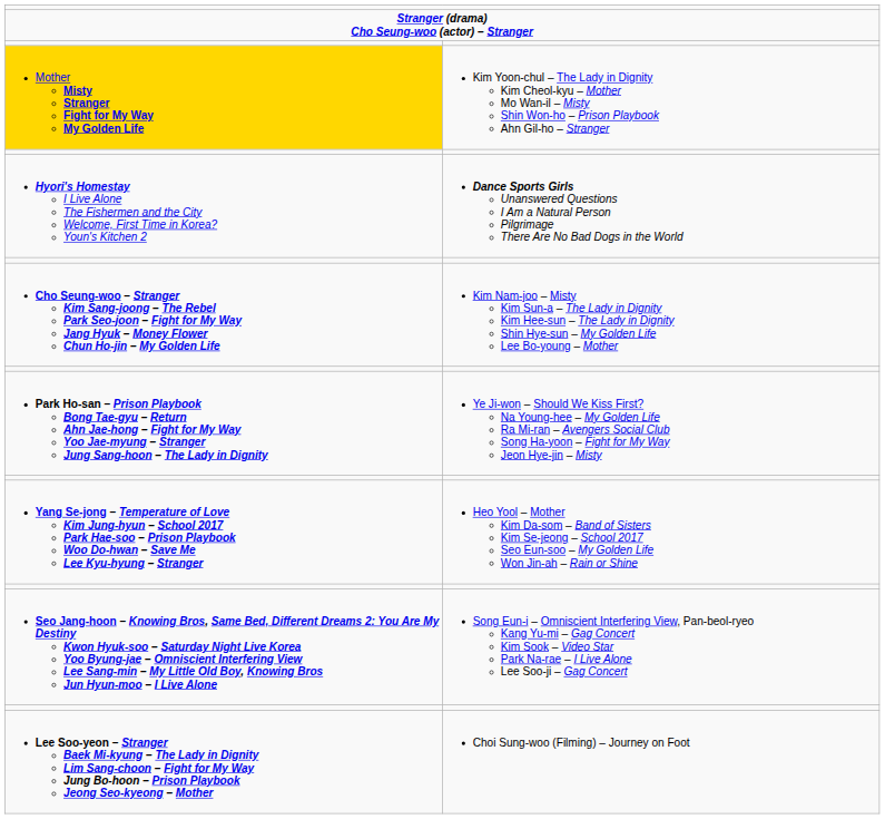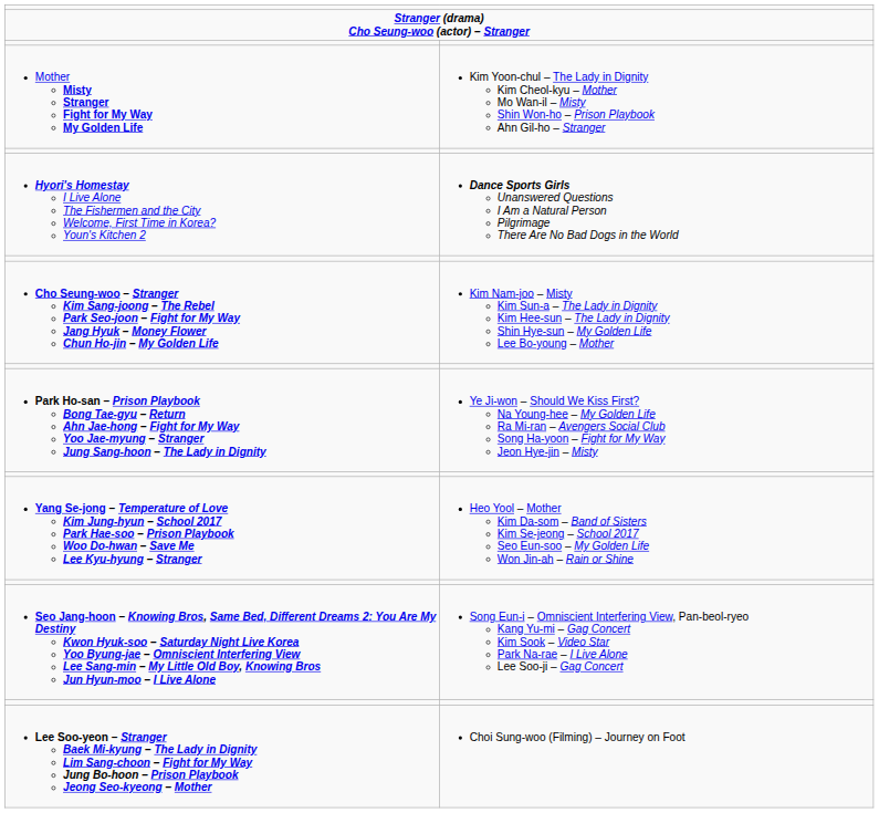 <table class="wikitable" align="center">
 <tr>
 <td colspan="2" style="vertical-align:top; width:100%;"></td>
 </tr>
 <tr>
 <td colspan="2" style="vertical-align:top; text-align:center;"><strong><em><a href='#'>Stranger</a><em> (drama)<strong><br><a href='#'>Cho Seung-woo</a> (actor) – </em><a href='#'>Stranger</a><em></td>
 </tr>
 <tr>
 <td style="vertical-align:top; width:50%;"></td>
 <td style="vertical-align:top; width:50%;"></td>
 </tr>
 <tr>
-<td valign="top" style="background: gold;"><br><ul><li></em></strong><a href='#'>Mother</a><strong><em><ul><li></em><a href='#'>Misty</a><em></li><li></em><a href='#'>Stranger</a><em></li><li></em><a href='#'>Fight for My Way</a><em></li><li></em><a href='#'>My Golden Life</a><em></li></ul></li></ul></td>
+<td valign="top"><br><ul><li></em></strong><a href='#'>Mother</a><strong><em><ul><li></em><a href='#'>Misty</a><em></li><li></em><a href='#'>Stranger</a><em></li><li></em><a href='#'>Fight for My Way</a><em></li><li></em><a href='#'>My Golden Life</a><em></li></ul></li></ul></td>
 <td valign="top"><br><ul><li></strong>Kim Yoon-chul – </em><a href='#'>The Lady in Dignity</a></em></strong><ul><li>Kim Cheol-kyu – <em><a href='#'>Mother</a></em></li><li>Mo Wan-il – <em><a href='#'>Misty</a></em></li><li><a href='#'>Shin Won-ho</a> – <em><a href='#'>Prison Playbook</a></em></li><li>Ahn Gil-ho – <em><a href='#'>Stranger</a></em></li></ul></li></ul></td>
 </tr>
 <tr>
 <td style="vertical-align:top; width:50%;"></td>
 <td style="vertical-align:top; width:50%;"></td>
 </tr>
 <tr>
 <td valign="top"><br><ul><li><strong><em><a href='#'>Hyori's Homestay</a></em></strong><ul><li><em><a href='#'>I Live Alone</a></em></li><li><em><a href='#'>The Fishermen and the City</a></em></li><li><em><a href='#'>Welcome, First Time in Korea?</a></em></li><li><em><a href='#'>Youn's Kitchen 2</a></em></li></ul></li></ul></td>
 <td valign="top"><br><ul><li><strong><em>Dance Sports Girls</em></strong><ul><li><em>Unanswered Questions</em></li><li><em>I Am a Natural Person</em></li><li><em>Pilgrimage</em></li><li><em>There Are No Bad Dogs in the World</em></li></ul></li></ul></td>
 </tr>
 <tr>
 <td style="vertical-align:top; width:50%;"></td>
 <td style="vertical-align:top; width:50%;"></td>
 </tr>
 <tr>
 <td valign="top"><br><ul><li><strong><a href='#'>Cho Seung-woo</a> – <em><a href='#'>Stranger</a><strong><em><ul><li><a href='#'>Kim Sang-joong</a> – </em><a href='#'>The Rebel</a><em></li><li><a href='#'>Park Seo-joon</a>  – </em><a href='#'>Fight for My Way</a><em></li><li><a href='#'>Jang Hyuk</a> – </em><a href='#'>Money Flower</a><em></li><li><a href='#'>Chun Ho-jin</a> – </em><a href='#'>My Golden Life</a><em></li></ul></li></ul></td>
 <td valign="top"><br><ul><li></strong><a href='#'>Kim Nam-joo</a> – </em><a href='#'>Misty</a></em></strong><ul><li><a href='#'>Kim Sun-a</a> – <em><a href='#'>The Lady in Dignity</a></em></li><li><a href='#'>Kim Hee-sun</a> – <em><a href='#'>The Lady in Dignity</a></em></li><li><a href='#'>Shin Hye-sun</a> – <em><a href='#'>My Golden Life</a></em></li><li><a href='#'>Lee Bo-young</a> – <em><a href='#'>Mother</a></em></li></ul></li></ul></td>
 </tr>
 <tr>
 <td style="vertical-align:top; width:50%;"></td>
 <td style="vertical-align:top; width:50%;"></td>
 </tr>
 <tr>
 <td valign="top"><br><ul><li><strong>Park Ho-san – <em><a href='#'>Prison Playbook</a><strong><em><ul><li><a href='#'>Bong Tae-gyu</a> – </em><a href='#'>Return</a><em></li><li><a href='#'>Ahn Jae-hong</a> – </em><a href='#'>Fight for My Way</a><em></li><li><a href='#'>Yoo Jae-myung</a> – </em><a href='#'>Stranger</a><em></li><li><a href='#'>Jung Sang-hoon</a> – </em><a href='#'>The Lady in Dignity</a><em></li></ul></li></ul></td>
 <td valign="top"><br><ul><li></strong><a href='#'>Ye Ji-won</a> – </em><a href='#'>Should We Kiss First?</a></em></strong><ul><li><a href='#'>Na Young-hee</a> – <em><a href='#'>My Golden Life</a></em></li><li><a href='#'>Ra Mi-ran</a> – <em><a href='#'>Avengers Social Club</a></em></li><li><a href='#'>Song Ha-yoon</a> – <em><a href='#'>Fight for My Way</a></em></li><li><a href='#'>Jeon Hye-jin</a> – <em><a href='#'>Misty</a></em></li></ul></li></ul></td>
 </tr>
 <tr>
 <td style="vertical-align:top; width:50%;"></td>
 <td style="vertical-align:top; width:50%;"></td>
 </tr>
 <tr>
 <td valign="top"><br><ul><li><strong><a href='#'>Yang Se-jong</a> – <em><a href='#'>Temperature of Love</a><strong><em><ul><li><a href='#'>Kim Jung-hyun</a> – </em><a href='#'>School 2017</a><em></li><li><a href='#'>Park Hae-soo</a> – </em><a href='#'>Prison Playbook</a><em></li><li><a href='#'>Woo Do-hwan</a> – </em><a href='#'>Save Me</a><em></li><li><a href='#'>Lee Kyu-hyung</a> – </em><a href='#'>Stranger</a><em></li></ul></li></ul></td>
 <td valign="top"><br><ul><li></strong><a href='#'>Heo Yool</a> – </em><a href='#'>Mother</a></em></strong><ul><li><a href='#'>Kim Da-som</a> – <em><a href='#'>Band of Sisters</a></em></li><li><a href='#'>Kim Se-jeong</a> – <em><a href='#'>School 2017</a></em></li><li><a href='#'>Seo Eun-soo</a> – <em><a href='#'>My Golden Life</a></em></li><li><a href='#'>Won Jin-ah</a> – <em><a href='#'>Rain or Shine</a></em></li></ul></li></ul></td>
 </tr>
 <tr>
 <td style="vertical-align:top; width:50%;"></td>
 <td style="vertical-align:top; width:50%;"></td>
 </tr>
 <tr>
 <td valign="top"><br><ul><li><strong><a href='#'>Seo Jang-hoon</a> – <em><a href='#'>Knowing Bros</a>, <a href='#'>Same Bed, Different Dreams 2: You Are My Destiny</a><strong><em><ul><li><a href='#'>Kwon Hyuk-soo</a> – </em><a href='#'>Saturday Night Live Korea</a><em></li><li><a href='#'>Yoo Byung-jae</a> – </em><a href='#'>Omniscient Interfering View</a><em></li><li><a href='#'>Lee Sang-min</a> – </em><a href='#'>My Little Old Boy</a><em>, </em><a href='#'>Knowing Bros</a><em></li><li><a href='#'>Jun Hyun-moo</a> – </em><a href='#'>I Live Alone</a><em></li></ul></li></ul></td>
 <td valign="top"><br><ul><li></strong><a href='#'>Song Eun-i</a> – </em><a href='#'>Omniscient Interfering View</a>, Pan-beol-ryeo</em></strong><ul><li><a href='#'>Kang Yu-mi</a> – <em><a href='#'>Gag Concert</a></em></li><li><a href='#'>Kim Sook</a> – <em><a href='#'>Video Star</a></em></li><li><a href='#'>Park Na-rae</a> – <em><a href='#'>I Live Alone</a></em></li><li>Lee Soo-ji – <em><a href='#'>Gag Concert</a></em></li></ul></li></ul></td>
 </tr>
 <tr>
 <td style="vertical-align:top; width:50%;"></td>
 <td style="vertical-align:top; width:50%;"></td>
 </tr>
 <tr>
 <td valign="top"><br><ul><li><strong>Lee Soo-yeon – <em><a href='#'>Stranger</a><strong><em><ul><li><a href='#'>Baek Mi-kyung</a> – </em><a href='#'>The Lady in Dignity</a><em></li><li><a href='#'>Lim Sang-choon</a> – </em><a href='#'>Fight for My Way</a><em></li><li>Jung Bo-hoon – </em><a href='#'>Prison Playbook</a><em></li><li><a href='#'>Jeong Seo-kyeong</a> – </em><a href='#'>Mother</a><em></li></ul></li></ul></td>
 <td valign="top"><strong><br><ul><li></strong>Choi Sung-woo (Filming) – </em>Journey on Foot</em></strong></li></ul></strong></td>
 </tr>
 </table>
